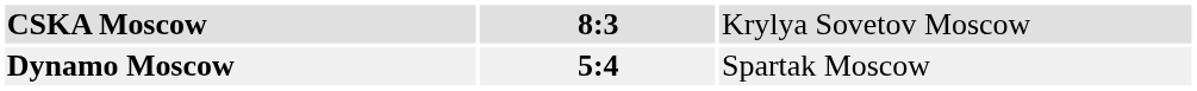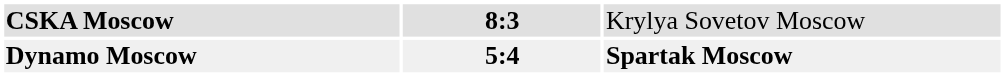 <table width="70%">
 <tr bgcolor="#e0e0e0">
 <td style="width:40%;"><strong>CSKA Moscow</strong></td>
 <th style="width:20%;"><strong>8:3</strong></th>
 <td style="width:40%;">Krylya Sovetov Moscow</td>
 </tr>
 <tr bgcolor="#f0f0f0">
 <td><strong>Dynamo Moscow</strong></td>
 <td align="center"><strong>5:4</strong></td>
-<td>Spartak Moscow</td>
+<td><strong>Spartak Moscow</strong></td>
 </tr>
 </table>
